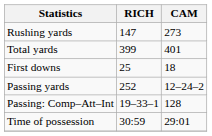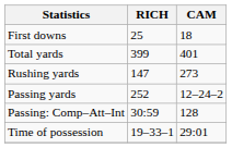 <table class="wikitable" style="float: left;">
 <tr>
 <th>Statistics</th>
 <th>RICH</th>
 <th>CAM</th>
 </tr>
 <tr>
-<td>Rushing yards</td>
-<td>147</td>
-<td>273</td>
+<td>First downs</td>
+<td>25</td>
+<td>18</td>
 </tr>
 <tr>
 <td>Total yards</td>
 <td>399</td>
 <td>401</td>
 </tr>
 <tr>
-<td>First downs</td>
-<td>25</td>
-<td>18</td>
+<td>Rushing yards</td>
+<td>147</td>
+<td>273</td>
 </tr>
 <tr>
 <td>Passing yards</td>
 <td>252</td>
 <td>12–24–2</td>
 </tr>
 <tr>
 <td>Passing: Comp–Att–Int</td>
-<td>19–33–1</td>
+<td>30:59</td>
 <td>128</td>
 </tr>
 <tr>
 <td>Time of possession</td>
-<td>30:59</td>
+<td>19–33–1</td>
 <td>29:01</td>
 </tr>
 <tr>
 </tr>
 </table>
